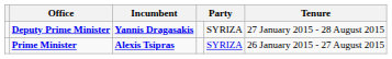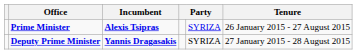 <table class="wikitable" style="font-size: 90%;">
 <tr>
 <th></th>
 <th>Office</th>
 <th>Incumbent</th>
 <th colspan=2>Party</th>
 <th>Tenure</th>
 </tr>
 <tr>
 <td></td>
+<td><strong><a href='#'>Prime Minister</a></strong></td>
+<td><strong><a href='#'>Alexis Tsipras</a></strong></td>
+<td width=5px style="background-color: "></td>
+<td><a href='#'>SYRIZA</a></td>
+<td>26 January 2015 - 27 August 2015</td>
+</tr>
+<tr>
+<td></td>
 <td><strong><a href='#'>Deputy Prime Minister</a></strong></td>
 <td><strong><a href='#'>Yannis Dragasakis</a></strong></td>
 <td width=5px style="background-color: "></td>
 <td>SYRIZA</td>
 <td>27 January 2015 - 28 August 2015</td>
 </tr>
-<tr>
-<td></td>
-<td><strong><a href='#'>Prime Minister</a></strong></td>
-<td><strong><a href='#'>Alexis Tsipras</a></strong></td>
-<td width=5px style="background-color: "></td>
-<td><a href='#'>SYRIZA</a></td>
-<td>26 January 2015 - 27 August 2015</td>
-</tr>
 </table>
